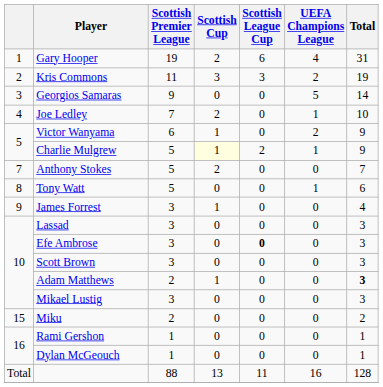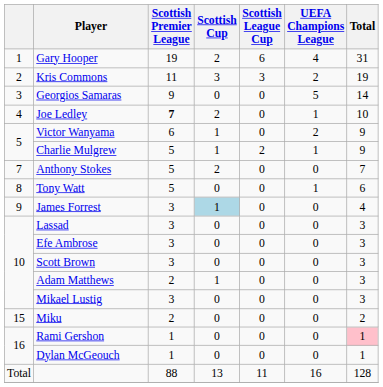 <table class="wikitable">
 <tr>
 <th></th>
 <th width="150">Player</th>
 <th><a href='#'>Scottish<br>Premier<br>League</a><br></th>
 <th><a href='#'>Scottish<br>Cup</a></th>
 <th><a href='#'>Scottish<br>League<br>Cup</a></th>
 <th><a href='#'>UEFA<br>Champions<br>League</a></th>
 <th>Total</th>
 </tr>
 <tr>
 <td align=center rowspan=1>1</td>
 <td> <a href='#'>Gary Hooper</a></td>
 <td align=center>19</td>
 <td align=center>2</td>
 <td align=center>6</td>
 <td align=center>4</td>
 <td align=center>31</td>
 </tr>
 <tr>
 <td align=center rowspan=1>2</td>
 <td> <a href='#'>Kris Commons</a></td>
 <td align=center>11</td>
 <td align=center>3</td>
 <td align=center>3</td>
 <td align=center>2</td>
 <td align=center>19</td>
 </tr>
 <tr>
 <td align=center rowspan=1>3</td>
 <td> <a href='#'>Georgios Samaras</a></td>
 <td align=center>9</td>
 <td align=center>0</td>
 <td align=center>0</td>
 <td align=center>5</td>
 <td align=center>14</td>
 </tr>
 <tr>
 <td align=center rowspan=1>4</td>
 <td> <a href='#'>Joe Ledley</a></td>
-<td align=center>7</td>
+<td align=center><strong>7</strong></td>
 <td align=center>2</td>
 <td align=center>0</td>
 <td align=center>1</td>
 <td align=center>10</td>
 </tr>
 <tr>
 <td align=center rowspan=2>5</td>
 <td> <a href='#'>Victor Wanyama</a></td>
 <td align=center>6</td>
 <td align=center>1</td>
 <td align=center>0</td>
 <td align=center>2</td>
 <td align=center>9</td>
 </tr>
 <tr>
 <td> <a href='#'>Charlie Mulgrew</a></td>
 <td align=center>5</td>
-<td align=center style="background: lightyellow;">1</td>
+<td align=center>1</td>
 <td align=center>2</td>
 <td align=center>1</td>
 <td align=center>9</td>
 </tr>
 <tr>
 <td align=center rowspan=1>7</td>
 <td> <a href='#'>Anthony Stokes</a></td>
 <td align=center>5</td>
 <td align=center>2</td>
 <td align=center>0</td>
 <td align=center>0</td>
 <td align=center>7</td>
 </tr>
 <tr>
 <td align=center rowspan=1>8</td>
 <td> <a href='#'>Tony Watt</a></td>
 <td align=center>5</td>
 <td align=center>0</td>
 <td align=center>0</td>
 <td align=center>1</td>
 <td align=center>6</td>
 </tr>
 <tr>
 <td align=center rowspan=1>9</td>
 <td> <a href='#'>James Forrest</a></td>
 <td align=center>3</td>
-<td align=center>1</td>
+<td align=center style="background: lightblue;">1</td>
 <td align=center>0</td>
 <td align=center>0</td>
 <td align=center>4</td>
 </tr>
 <tr>
 <td align=center rowspan=5>10</td>
 <td> <a href='#'>Lassad</a></td>
 <td align=center>3</td>
 <td align=center>0</td>
 <td align=center>0</td>
 <td align=center>0</td>
 <td align=center>3</td>
 </tr>
 <tr>
 <td> <a href='#'>Efe Ambrose</a></td>
 <td align=center>3</td>
 <td align=center>0</td>
-<td align=center><strong>0</strong></td>
+<td align=center>0</td>
 <td align=center>0</td>
 <td align=center>3</td>
 </tr>
 <tr>
 <td> <a href='#'>Scott Brown</a></td>
 <td align=center>3</td>
 <td align=center>0</td>
 <td align=center>0</td>
 <td align=center>0</td>
 <td align=center>3</td>
 </tr>
 <tr>
 <td> <a href='#'>Adam Matthews</a></td>
 <td align=center>2</td>
 <td align=center>1</td>
 <td align=center>0</td>
 <td align=center>0</td>
-<td align=center><strong>3</strong></td>
+<td align=center>3</td>
 </tr>
 <tr>
 <td> <a href='#'>Mikael Lustig</a></td>
 <td align=center>3</td>
 <td align=center>0</td>
 <td align=center>0</td>
 <td align=center>0</td>
 <td align=center>3</td>
 </tr>
 <tr>
 <td align=center rowspan=1>15</td>
 <td> <a href='#'>Miku</a></td>
 <td align=center>2</td>
 <td align=center>0</td>
 <td align=center>0</td>
 <td align=center>0</td>
 <td align=center>2</td>
 </tr>
 <tr>
 <td align=center rowspan=2>16</td>
 <td> <a href='#'>Rami Gershon</a></td>
 <td align=center>1</td>
 <td align=center>0</td>
 <td align=center>0</td>
 <td align=center>0</td>
-<td align=center>1</td>
+<td align=center style="background: pink;">1</td>
 </tr>
 <tr>
 <td> <a href='#'>Dylan McGeouch</a></td>
 <td align=center>1</td>
 <td align=center>0</td>
 <td align=center>0</td>
 <td align=center>0</td>
 <td align=center>1</td>
 </tr>
 <tr>
 <td align=center rowspan=1>Total</td>
 <td></td>
 <td align=center>88</td>
 <td align=center>13</td>
 <td align=center>11</td>
 <td align=center>16</td>
 <td align=center>128</td>
 </tr>
 <tr>
 </tr>
 </table>
